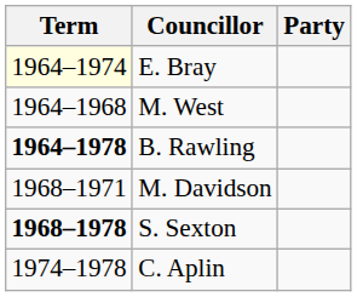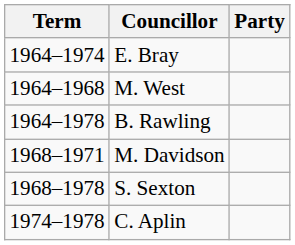 <table class="wikitable">
 <tr>
 <th>Term</th>
 <th>Councillor</th>
 <th colspan=2>Party</th>
 </tr>
 <tr>
-<td style="background: lightyellow;">1964–1974</td>
+<td>1964–1974</td>
 <td>E. Bray</td>
 <td></td>
 </tr>
 <tr>
 <td>1964–1968</td>
 <td>M. West</td>
 <td></td>
 </tr>
 <tr>
-<td><strong>1964–1978</strong></td>
+<td>1964–1978</td>
 <td>B. Rawling</td>
 <td></td>
 </tr>
 <tr>
 <td>1968–1971</td>
 <td>M. Davidson</td>
 <td></td>
 </tr>
 <tr>
-<td><strong>1968–1978</strong></td>
+<td>1968–1978</td>
 <td>S. Sexton</td>
 <td></td>
 </tr>
 <tr>
 <td>1974–1978</td>
 <td>C. Aplin</td>
 <td></td>
 </tr>
 </table>
